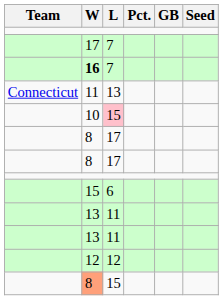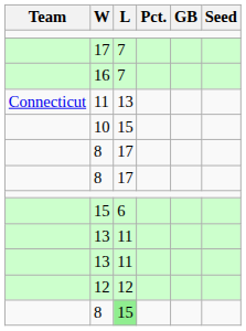 <table class=wikitable>
 <tr>
 <th>Team</th>
 <th>W</th>
 <th>L</th>
 <th>Pct.</th>
 <th>GB</th>
 <th>Seed</th>
 </tr>
 <tr>
 <td colspan=7></td>
 </tr>
 <tr bgcolor=#ccffcc>
 <td></td>
 <td>17</td>
 <td>7</td>
 <td></td>
 <td></td>
 <td></td>
 </tr>
 <tr bgcolor=#ccffcc>
 <td></td>
-<td><strong>16</strong></td>
+<td>16</td>
 <td>7</td>
 <td></td>
 <td></td>
 <td></td>
 </tr>
 <tr>
 <td><a href='#'>Connecticut</a></td>
 <td>11</td>
 <td>13</td>
 <td></td>
 <td></td>
 <td></td>
 </tr>
 <tr>
 <td></td>
 <td>10</td>
-<td style="background: pink;">15</td>
+<td>15</td>
 <td></td>
 <td></td>
 <td></td>
 </tr>
 <tr>
 <td></td>
 <td>8</td>
 <td>17</td>
 <td></td>
 <td></td>
 <td></td>
 </tr>
 <tr>
 <td></td>
 <td>8</td>
 <td>17</td>
 <td></td>
 <td></td>
 <td></td>
 </tr>
 <tr>
 <td colspan=7></td>
 </tr>
 <tr bgcolor=#ccffcc>
 <td></td>
 <td>15</td>
 <td>6</td>
 <td></td>
 <td></td>
 <td></td>
 </tr>
 <tr bgcolor=#ccffcc>
 <td></td>
 <td>13</td>
 <td>11</td>
 <td></td>
 <td></td>
 <td></td>
 </tr>
 <tr bgcolor=#ccffcc>
 <td></td>
 <td>13</td>
 <td>11</td>
 <td></td>
 <td></td>
 <td></td>
 </tr>
 <tr bgcolor=#ccffcc>
 <td></td>
 <td>12</td>
 <td>12</td>
 <td></td>
 <td></td>
 <td></td>
 </tr>
 <tr>
 <td></td>
-<td style="background: lightsalmon;">8</td>
-<td>15</td>
+<td>8</td>
+<td style="background: lightgreen;">15</td>
 <td></td>
 <td></td>
 <td></td>
 </tr>
 </table>
